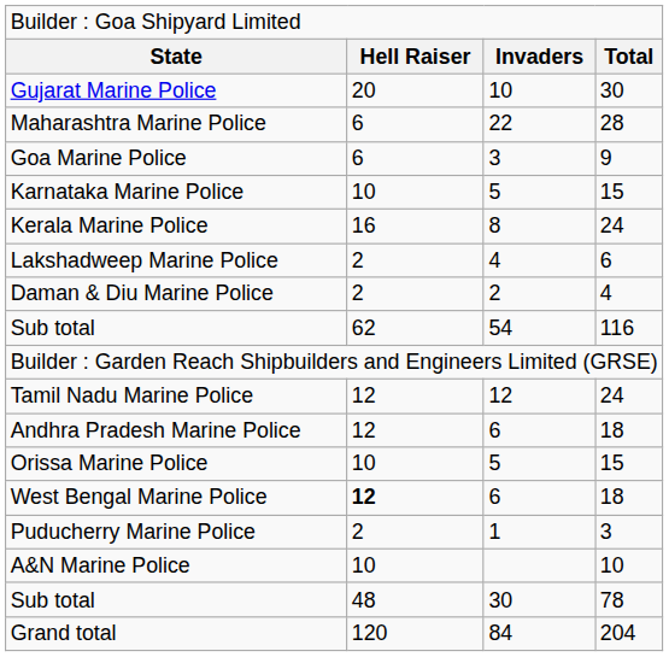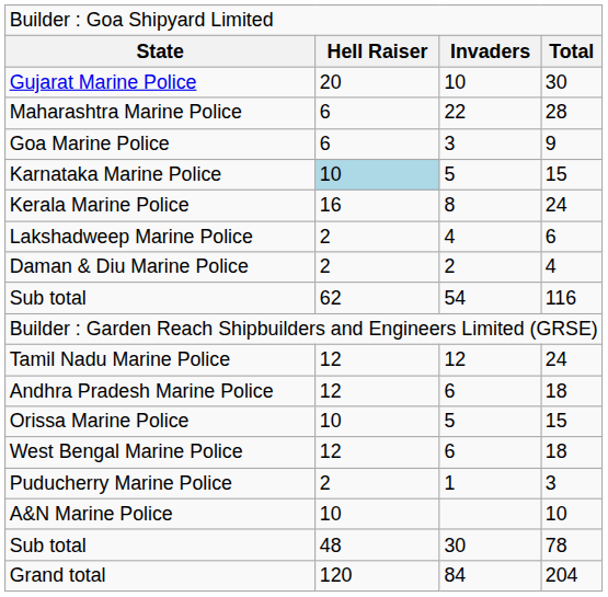 <table class="wikitable">
 <tr>
 <td colspan="6">Builder : Goa Shipyard Limited</td>
 </tr>
 <tr>
 <th>State</th>
 <th>Hell Raiser</th>
 <th>Invaders</th>
 <th>Total</th>
 </tr>
 <tr>
 <td><a href='#'>Gujarat Marine Police</a></td>
 <td>20</td>
 <td>10</td>
 <td>30</td>
 </tr>
 <tr>
 <td>Maharashtra Marine Police</td>
 <td>6</td>
 <td>22</td>
 <td>28</td>
 </tr>
 <tr>
 <td>Goa Marine Police</td>
 <td>6</td>
 <td>3</td>
 <td>9</td>
 </tr>
 <tr>
 <td>Karnataka Marine Police</td>
-<td>10</td>
+<td style="background: lightblue;">10</td>
 <td>5</td>
 <td>15</td>
 </tr>
 <tr>
 <td>Kerala Marine Police</td>
 <td>16</td>
 <td>8</td>
 <td>24</td>
 </tr>
 <tr>
 <td>Lakshadweep Marine Police</td>
 <td>2</td>
 <td>4</td>
 <td>6</td>
 </tr>
 <tr>
 <td>Daman & Diu Marine Police</td>
 <td>2</td>
 <td>2</td>
 <td>4</td>
 </tr>
 <tr>
 <td>Sub total</td>
 <td>62</td>
 <td>54</td>
 <td>116</td>
 </tr>
 <tr>
 <td colspan="6">Builder : Garden Reach Shipbuilders and Engineers Limited (GRSE)</td>
 </tr>
 <tr>
 <td>Tamil Nadu Marine Police</td>
 <td>12</td>
 <td>12</td>
 <td>24</td>
 </tr>
 <tr>
 <td>Andhra Pradesh Marine Police</td>
 <td>12</td>
 <td>6</td>
 <td>18</td>
 </tr>
 <tr>
 <td>Orissa Marine Police</td>
 <td>10</td>
 <td>5</td>
 <td>15</td>
 </tr>
 <tr>
 <td>West Bengal Marine Police</td>
-<td><strong>12</strong></td>
+<td>12</td>
 <td>6</td>
 <td>18</td>
 </tr>
 <tr>
 <td>Puducherry Marine Police</td>
 <td>2</td>
 <td>1</td>
 <td>3</td>
 </tr>
 <tr>
 <td>A&N Marine Police</td>
 <td>10</td>
 <td></td>
 <td>10</td>
 </tr>
 <tr>
 <td>Sub total</td>
 <td>48</td>
 <td>30</td>
 <td>78</td>
 </tr>
 <tr>
 <td>Grand total</td>
 <td>120</td>
 <td>84</td>
 <td>204</td>
 </tr>
 </table>
